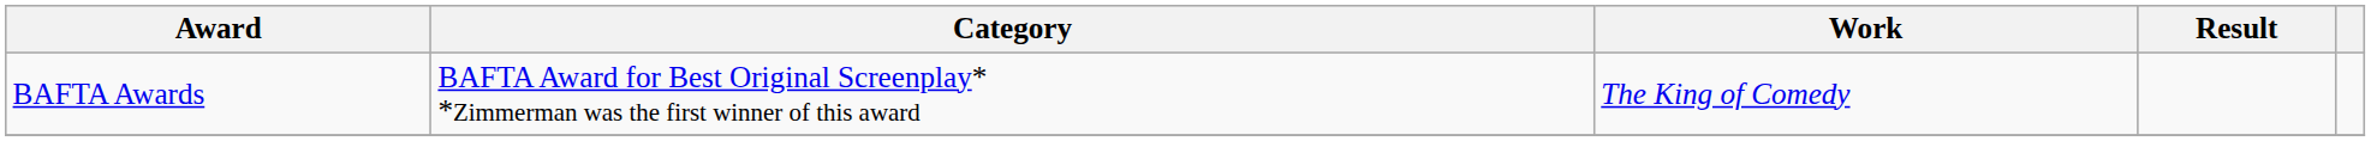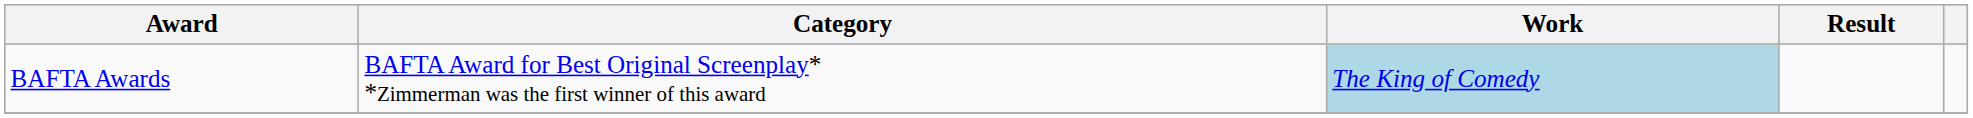 <table class="wikitable sortable" style="width: 99%;">
 <tr>
 <th scope="col">Award</th>
 <th scope="col">Category</th>
 <th scope="col">Work</th>
 <th scope="col">Result</th>
 <th scope="col" class="unsortable"></th>
 </tr>
 <tr>
 <td><a href='#'>BAFTA Awards</a></td>
 <td><a href='#'>BAFTA Award for Best Original Screenplay</a>*<br>*<small>Zimmerman was the first winner of this award</small></td>
-<td><em><a href='#'>The King of Comedy</a></em></td>
+<td style="background: lightblue;"><em><a href='#'>The King of Comedy</a></em></td>
 <td></td>
 <td></td>
 </tr>
 <tr>
 </tr>
 </table>
